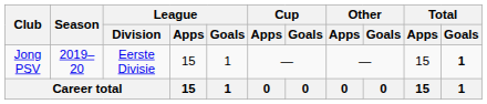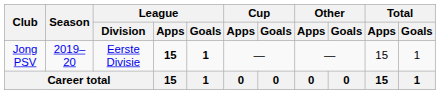 <table class=wikitable style=text-align:center>
 <tr>
 <th rowspan=2>Club</th>
 <th rowspan=2>Season</th>
 <th colspan=3>League</th>
 <th colspan=2>Cup</th>
 <th colspan=2>Other</th>
 <th colspan=2>Total</th>
 </tr>
 <tr>
 <th>Division</th>
 <th>Apps</th>
 <th>Goals</th>
 <th>Apps</th>
 <th>Goals</th>
 <th>Apps</th>
 <th>Goals</th>
 <th>Apps</th>
 <th>Goals</th>
 </tr>
 <tr>
 <td rowspan=1><a href='#'>Jong PSV</a></td>
 <td><a href='#'>2019–20</a></td>
 <td><a href='#'>Eerste Divisie</a></td>
-<td>15</td>
-<td>1</td>
+<td><strong>15</strong></td>
+<td><strong>1</strong></td>
 <td colspan="2">—</td>
 <td colspan="2">—</td>
 <td>15</td>
-<td><strong>1</strong></td>
+<td>1</td>
 </tr>
 <tr>
 <th colspan=3>Career total</th>
 <th>15</th>
 <th>1</th>
 <th>0</th>
 <th>0</th>
 <th>0</th>
 <th>0</th>
 <th>15</th>
 <th>1</th>
 </tr>
 </table>
